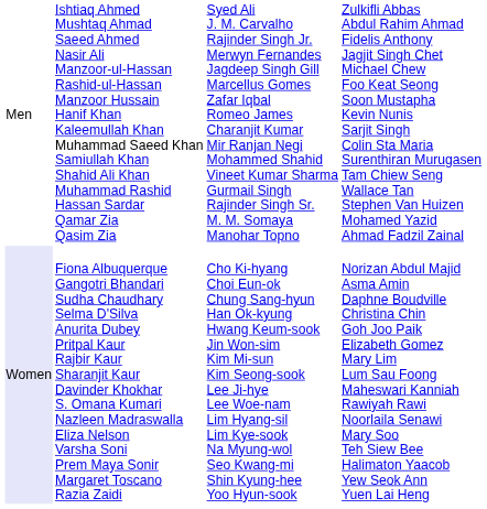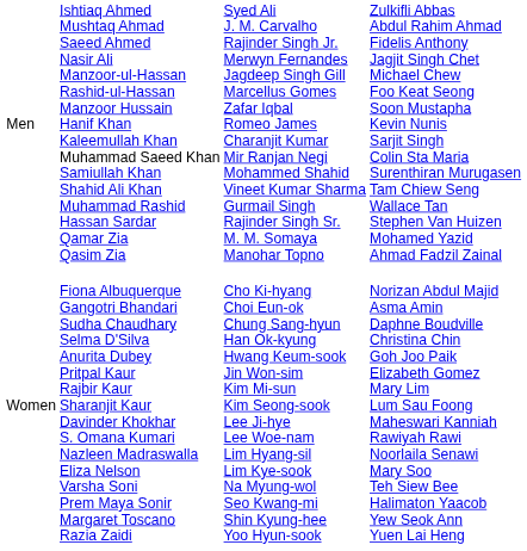 <table>
 <tr>
 <td>Men<br></td>
 <td><br><a href='#'>Ishtiaq Ahmed</a><br><a href='#'>Mushtaq Ahmad</a><br><a href='#'>Saeed Ahmed</a><br><a href='#'>Nasir Ali</a><br><a href='#'>Manzoor-ul-Hassan</a><br><a href='#'>Rashid-ul-Hassan</a><br><a href='#'>Manzoor Hussain</a><br><a href='#'>Hanif Khan</a><br><a href='#'>Kaleemullah Khan</a><br>Muhammad Saeed Khan<br><a href='#'>Samiullah Khan</a><br><a href='#'>Shahid Ali Khan</a><br><a href='#'>Muhammad Rashid</a><br><a href='#'>Hassan Sardar</a><br><a href='#'>Qamar Zia</a><br><a href='#'>Qasim Zia</a></td>
 <td><br><a href='#'>Syed Ali</a><br><a href='#'>J. M. Carvalho</a><br><a href='#'>Rajinder Singh Jr.</a><br><a href='#'>Merwyn Fernandes</a><br><a href='#'>Jagdeep Singh Gill</a><br><a href='#'>Marcellus Gomes</a><br><a href='#'>Zafar Iqbal</a><br><a href='#'>Romeo James</a><br><a href='#'>Charanjit Kumar</a><br><a href='#'>Mir Ranjan Negi</a><br><a href='#'>Mohammed Shahid</a><br><a href='#'>Vineet Kumar Sharma</a><br><a href='#'>Gurmail Singh</a><br><a href='#'>Rajinder Singh Sr.</a><br><a href='#'>M. M. Somaya</a><br><a href='#'>Manohar Topno</a></td>
 <td><br><a href='#'>Zulkifli Abbas</a><br><a href='#'>Abdul Rahim Ahmad</a><br><a href='#'>Fidelis Anthony</a><br><a href='#'>Jagjit Singh Chet</a><br><a href='#'>Michael Chew</a><br><a href='#'>Foo Keat Seong</a><br><a href='#'>Soon Mustapha</a><br><a href='#'>Kevin Nunis</a><br><a href='#'>Sarjit Singh</a><br><a href='#'>Colin Sta Maria</a><br><a href='#'>Surenthiran Murugasen</a><br><a href='#'>Tam Chiew Seng</a><br><a href='#'>Wallace Tan</a><br><a href='#'>Stephen Van Huizen</a><br><a href='#'>Mohamed Yazid</a><br><a href='#'>Ahmad Fadzil Zainal</a></td>
 </tr>
 <tr>
-<td style="background: lavender;">Women<br></td>
+<td>Women<br></td>
 <td><br><a href='#'>Fiona Albuquerque</a><br><a href='#'>Gangotri Bhandari</a><br><a href='#'>Sudha Chaudhary</a><br><a href='#'>Selma D'Silva</a><br><a href='#'>Anurita Dubey</a><br><a href='#'>Pritpal Kaur</a><br><a href='#'>Rajbir Kaur</a><br><a href='#'>Sharanjit Kaur</a><br><a href='#'>Davinder Khokhar</a><br><a href='#'>S. Omana Kumari</a><br><a href='#'>Nazleen Madraswalla</a><br><a href='#'>Eliza Nelson</a><br><a href='#'>Varsha Soni</a><br><a href='#'>Prem Maya Sonir</a><br><a href='#'>Margaret Toscano</a><br><a href='#'>Razia Zaidi</a></td>
 <td><br><a href='#'>Cho Ki-hyang</a><br><a href='#'>Choi Eun-ok</a><br><a href='#'>Chung Sang-hyun</a><br><a href='#'>Han Ok-kyung</a><br><a href='#'>Hwang Keum-sook</a><br><a href='#'>Jin Won-sim</a><br><a href='#'>Kim Mi-sun</a><br><a href='#'>Kim Seong-sook</a><br><a href='#'>Lee Ji-hye</a><br><a href='#'>Lee Woe-nam</a><br><a href='#'>Lim Hyang-sil</a><br><a href='#'>Lim Kye-sook</a><br><a href='#'>Na Myung-wol</a><br><a href='#'>Seo Kwang-mi</a><br><a href='#'>Shin Kyung-hee</a><br><a href='#'>Yoo Hyun-sook</a></td>
 <td><br><a href='#'>Norizan Abdul Majid</a><br><a href='#'>Asma Amin</a><br><a href='#'>Daphne Boudville</a><br><a href='#'>Christina Chin</a><br><a href='#'>Goh Joo Paik</a><br><a href='#'>Elizabeth Gomez</a><br><a href='#'>Mary Lim</a><br><a href='#'>Lum Sau Foong</a><br><a href='#'>Maheswari Kanniah</a><br><a href='#'>Rawiyah Rawi</a><br><a href='#'>Noorlaila Senawi</a><br><a href='#'>Mary Soo</a><br><a href='#'>Teh Siew Bee</a><br><a href='#'>Halimaton Yaacob</a><br><a href='#'>Yew Seok Ann</a><br><a href='#'>Yuen Lai Heng</a></td>
 </tr>
 </table>
